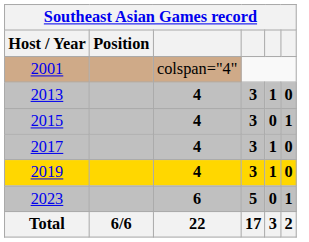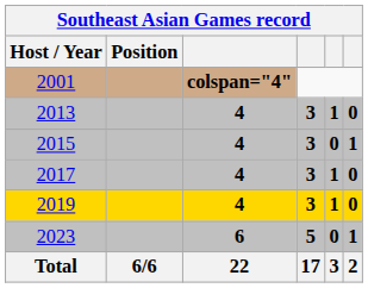 <table class="wikitable" style="text-align: center;">
 <tr>
 <th colspan=9><a href='#'>Southeast Asian Games record</a></th>
 </tr>
 <tr>
 <th>Host / Year</th>
 <th>Position</th>
 <th></th>
 <th></th>
 <th></th>
 <th></th>
 </tr>
 <tr bgcolor=#CFAA88>
 <td> <a href='#'>2001</a></td>
 <td></td>
-<td>colspan="4" </td>
+<td><strong>colspan="4" </strong></td>
 </tr>
 <tr bgcolor=silver>
 <td> <a href='#'>2013</a></td>
 <td></td>
 <td><strong>4</strong></td>
 <td><strong>3</strong></td>
 <td><strong>1</strong></td>
 <td><strong>0</strong></td>
 </tr>
 <tr bgcolor=silver>
 <td> <a href='#'>2015</a></td>
 <td></td>
 <td><strong>4</strong></td>
 <td><strong>3</strong></td>
 <td><strong>0</strong></td>
 <td><strong>1</strong></td>
 </tr>
 <tr bgcolor=silver>
 <td> <a href='#'>2017</a></td>
 <td></td>
 <td><strong>4</strong></td>
 <td><strong>3</strong></td>
 <td><strong>1</strong></td>
 <td><strong>0</strong></td>
 </tr>
 <tr bgcolor=gold>
 <td> <a href='#'>2019</a></td>
 <td></td>
 <td><strong>4</strong></td>
 <td><strong>3</strong></td>
 <td><strong>1</strong></td>
 <td><strong>0</strong></td>
 </tr>
 <tr bgcolor=silver>
 <td> <a href='#'>2023</a></td>
 <td></td>
 <td><strong>6</strong></td>
 <td><strong>5</strong></td>
 <td><strong>0</strong></td>
 <td><strong>1</strong></td>
 </tr>
 <tr>
 <th>Total</th>
 <th>6/6</th>
 <th>22</th>
 <th>17</th>
 <th>3</th>
 <th>2</th>
 </tr>
 </table>
